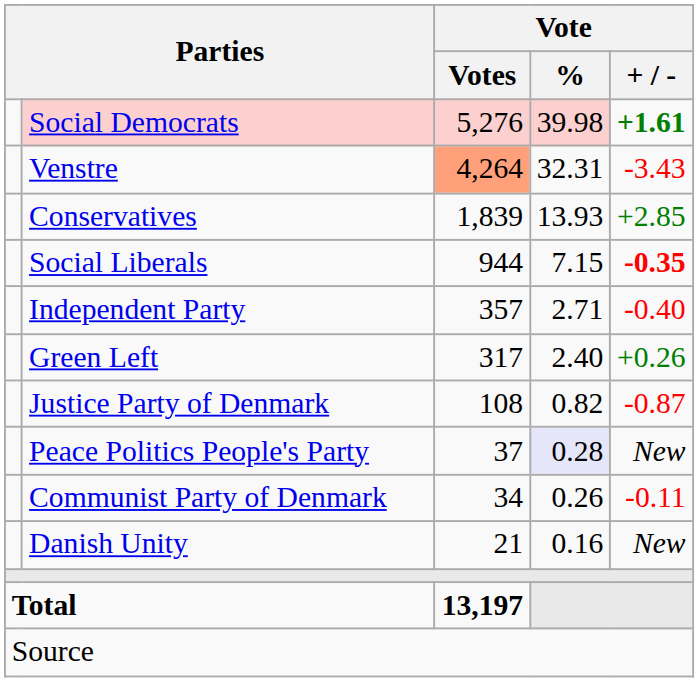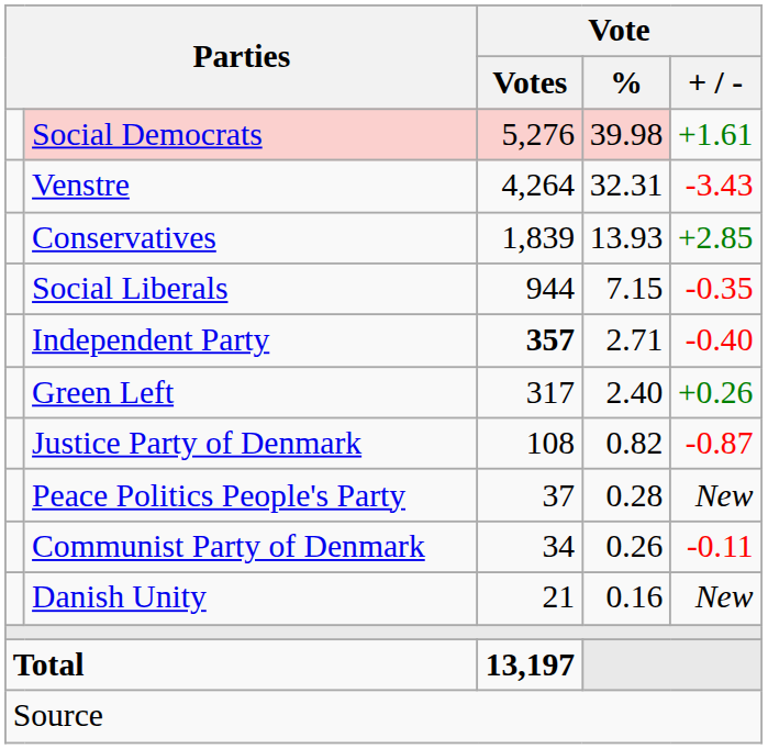 <table class="wikitable" style="text-align:right;">
 <tr>
 <th style="text-align:centre;" rowspan="2" colspan="2" width="225">Parties</th>
 <th colspan="3">Vote</th>
 </tr>
 <tr>
 <th width="15">Votes</th>
 <th width="15">%</th>
 <th width="15">+ / -</th>
 </tr>
 <tr>
 <td width="2" style="color:inherit;background:"></td>
 <td bgcolor=#fbd0ce  align="left"><a href='#'>Social Democrats</a></td>
 <td bgcolor=#fbd0ce>5,276</td>
 <td bgcolor=#fbd0ce>39.98</td>
-<td style=color:green;><strong>+1.61</strong></td>
+<td style=color:green;>+1.61</td>
 </tr>
 <tr>
 <td width="2" style="color:inherit;background:"></td>
 <td align="left"><a href='#'>Venstre</a></td>
-<td style="background: lightsalmon;">4,264</td>
+<td>4,264</td>
 <td>32.31</td>
 <td style=color:red;>-3.43</td>
 </tr>
 <tr>
 <td width="2" style="color:inherit;background:"></td>
 <td align="left"><a href='#'>Conservatives</a></td>
 <td>1,839</td>
 <td>13.93</td>
 <td style=color:green;>+2.85</td>
 </tr>
 <tr>
 <td width="2" style="color:inherit;background:"></td>
 <td align="left"><a href='#'>Social Liberals</a></td>
 <td>944</td>
 <td>7.15</td>
-<td style=color:red;><strong>-0.35</strong></td>
+<td style=color:red;>-0.35</td>
 </tr>
 <tr>
 <td width="2" style="color:inherit;background:"></td>
 <td align="left"><a href='#'>Independent Party</a></td>
-<td>357</td>
+<td><strong>357</strong></td>
 <td>2.71</td>
 <td style=color:red;>-0.40</td>
 </tr>
 <tr>
 <td width="2" style="color:inherit;background:"></td>
 <td align="left"><a href='#'>Green Left</a></td>
 <td>317</td>
 <td>2.40</td>
 <td style=color:green;>+0.26</td>
 </tr>
 <tr>
 <td width="2" style="color:inherit;background:"></td>
 <td align="left"><a href='#'>Justice Party of Denmark</a></td>
 <td>108</td>
 <td>0.82</td>
 <td style=color:red;>-0.87</td>
 </tr>
 <tr>
 <td width="2" style="color:inherit;background:"></td>
 <td align="left"><a href='#'>Peace Politics People's Party</a></td>
 <td>37</td>
-<td style="background: lavender;">0.28</td>
+<td>0.28</td>
 <td><em>New</em></td>
 </tr>
 <tr>
 <td width="2" style="color:inherit;background:"></td>
 <td align="left"><a href='#'>Communist Party of Denmark</a></td>
 <td>34</td>
 <td>0.26</td>
 <td style=color:red;>-0.11</td>
 </tr>
 <tr>
 <td width="2" style="color:inherit;background:"></td>
 <td align="left"><a href='#'>Danish Unity</a></td>
 <td>21</td>
 <td>0.16</td>
 <td><em>New</em></td>
 </tr>
 <tr>
 <td colspan="7" bgcolor="#E9E9E9"></td>
 </tr>
 <tr>
 <td align="left" colspan="2"><strong>Total</strong></td>
 <td><strong>13,197</strong></td>
 <td bgcolor="#E9E9E9" colspan="2"></td>
 </tr>
 <tr>
 <td align="left" colspan="6">Source</td>
 </tr>
 </table>
